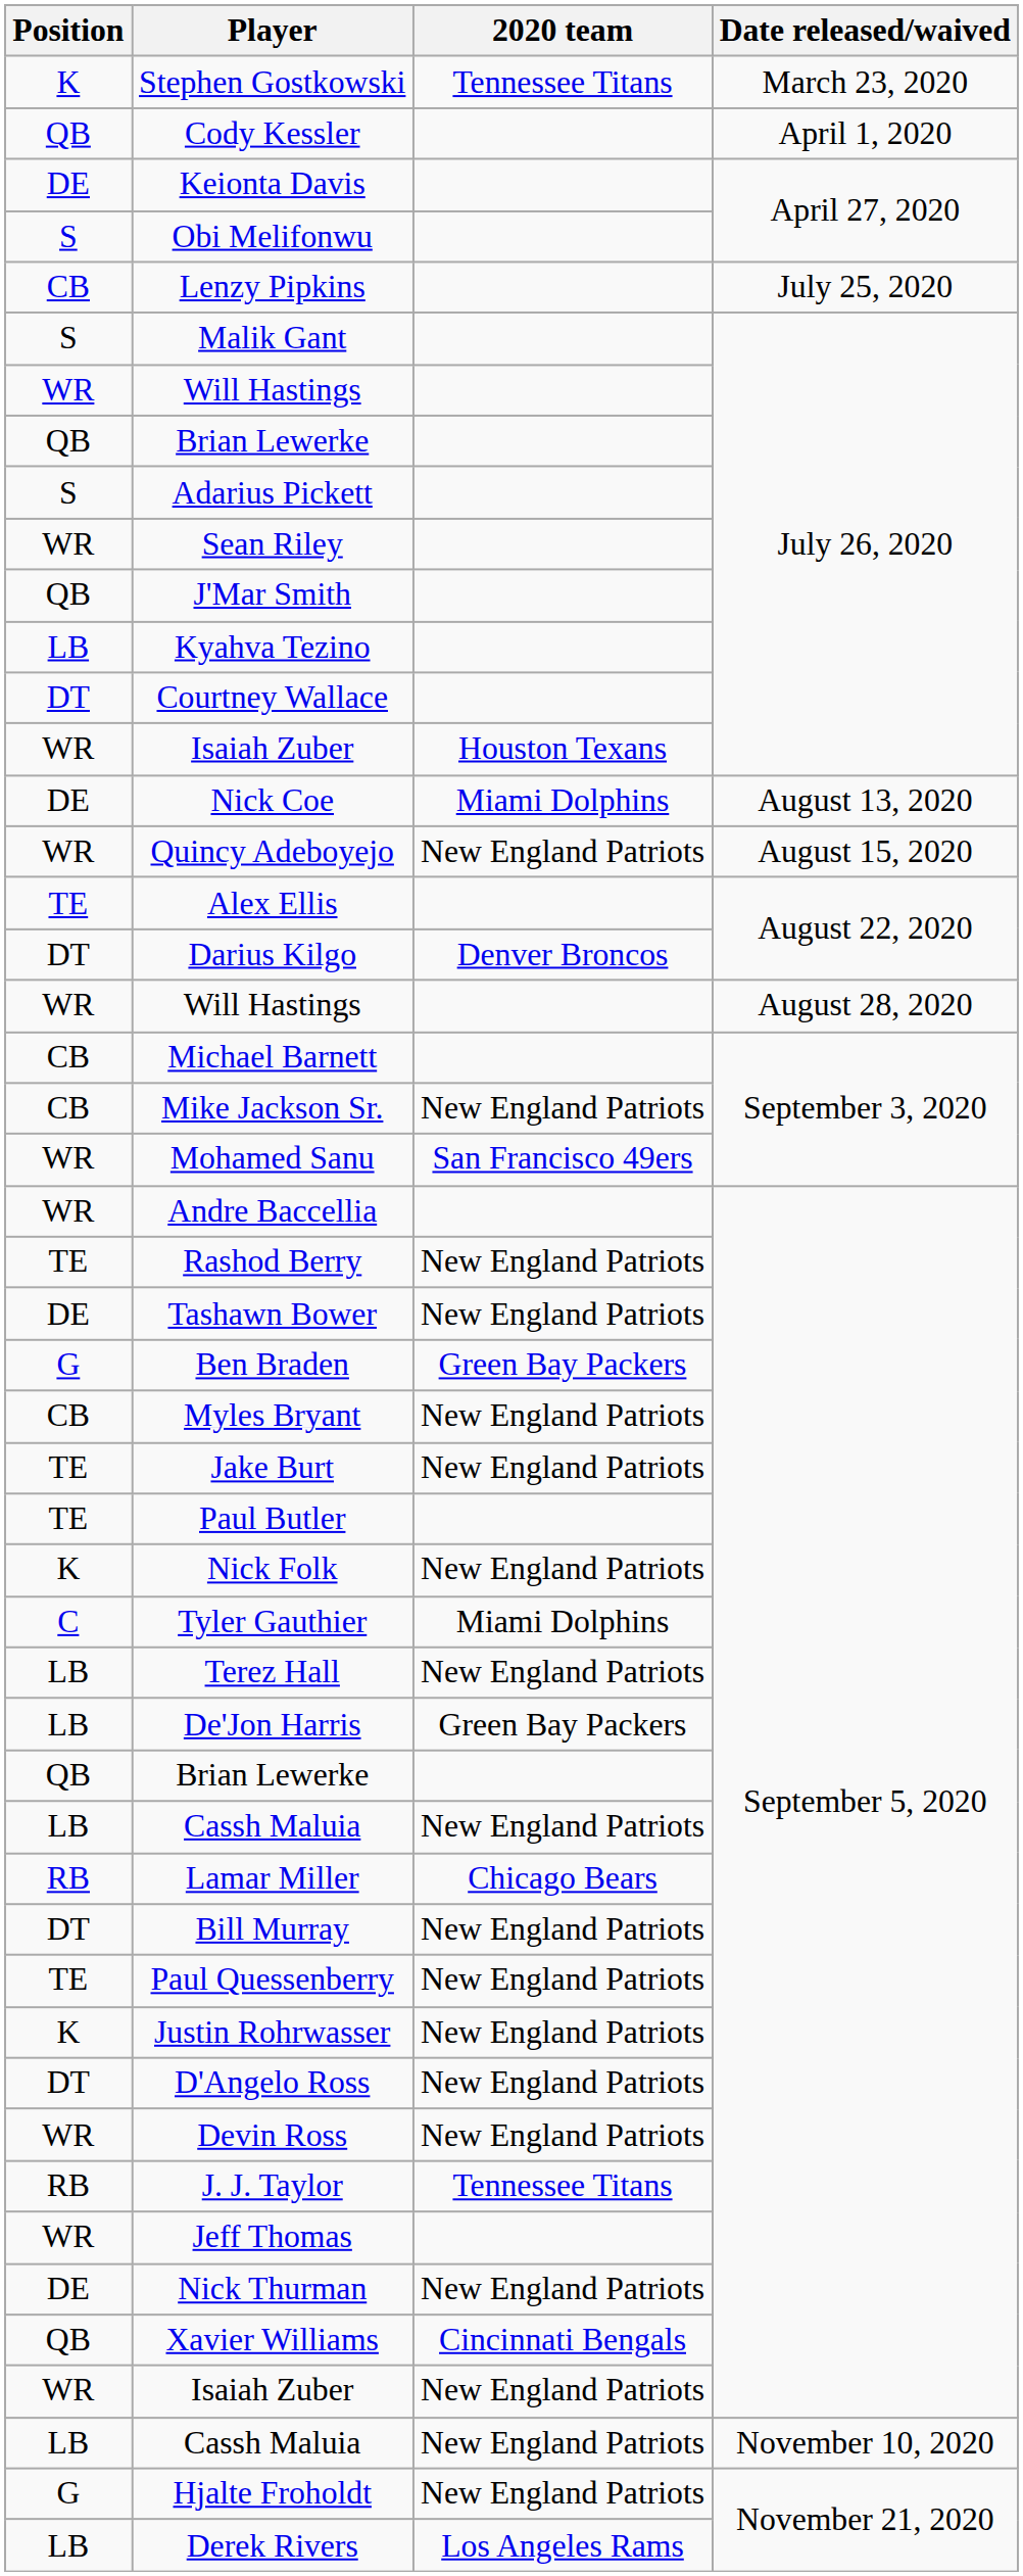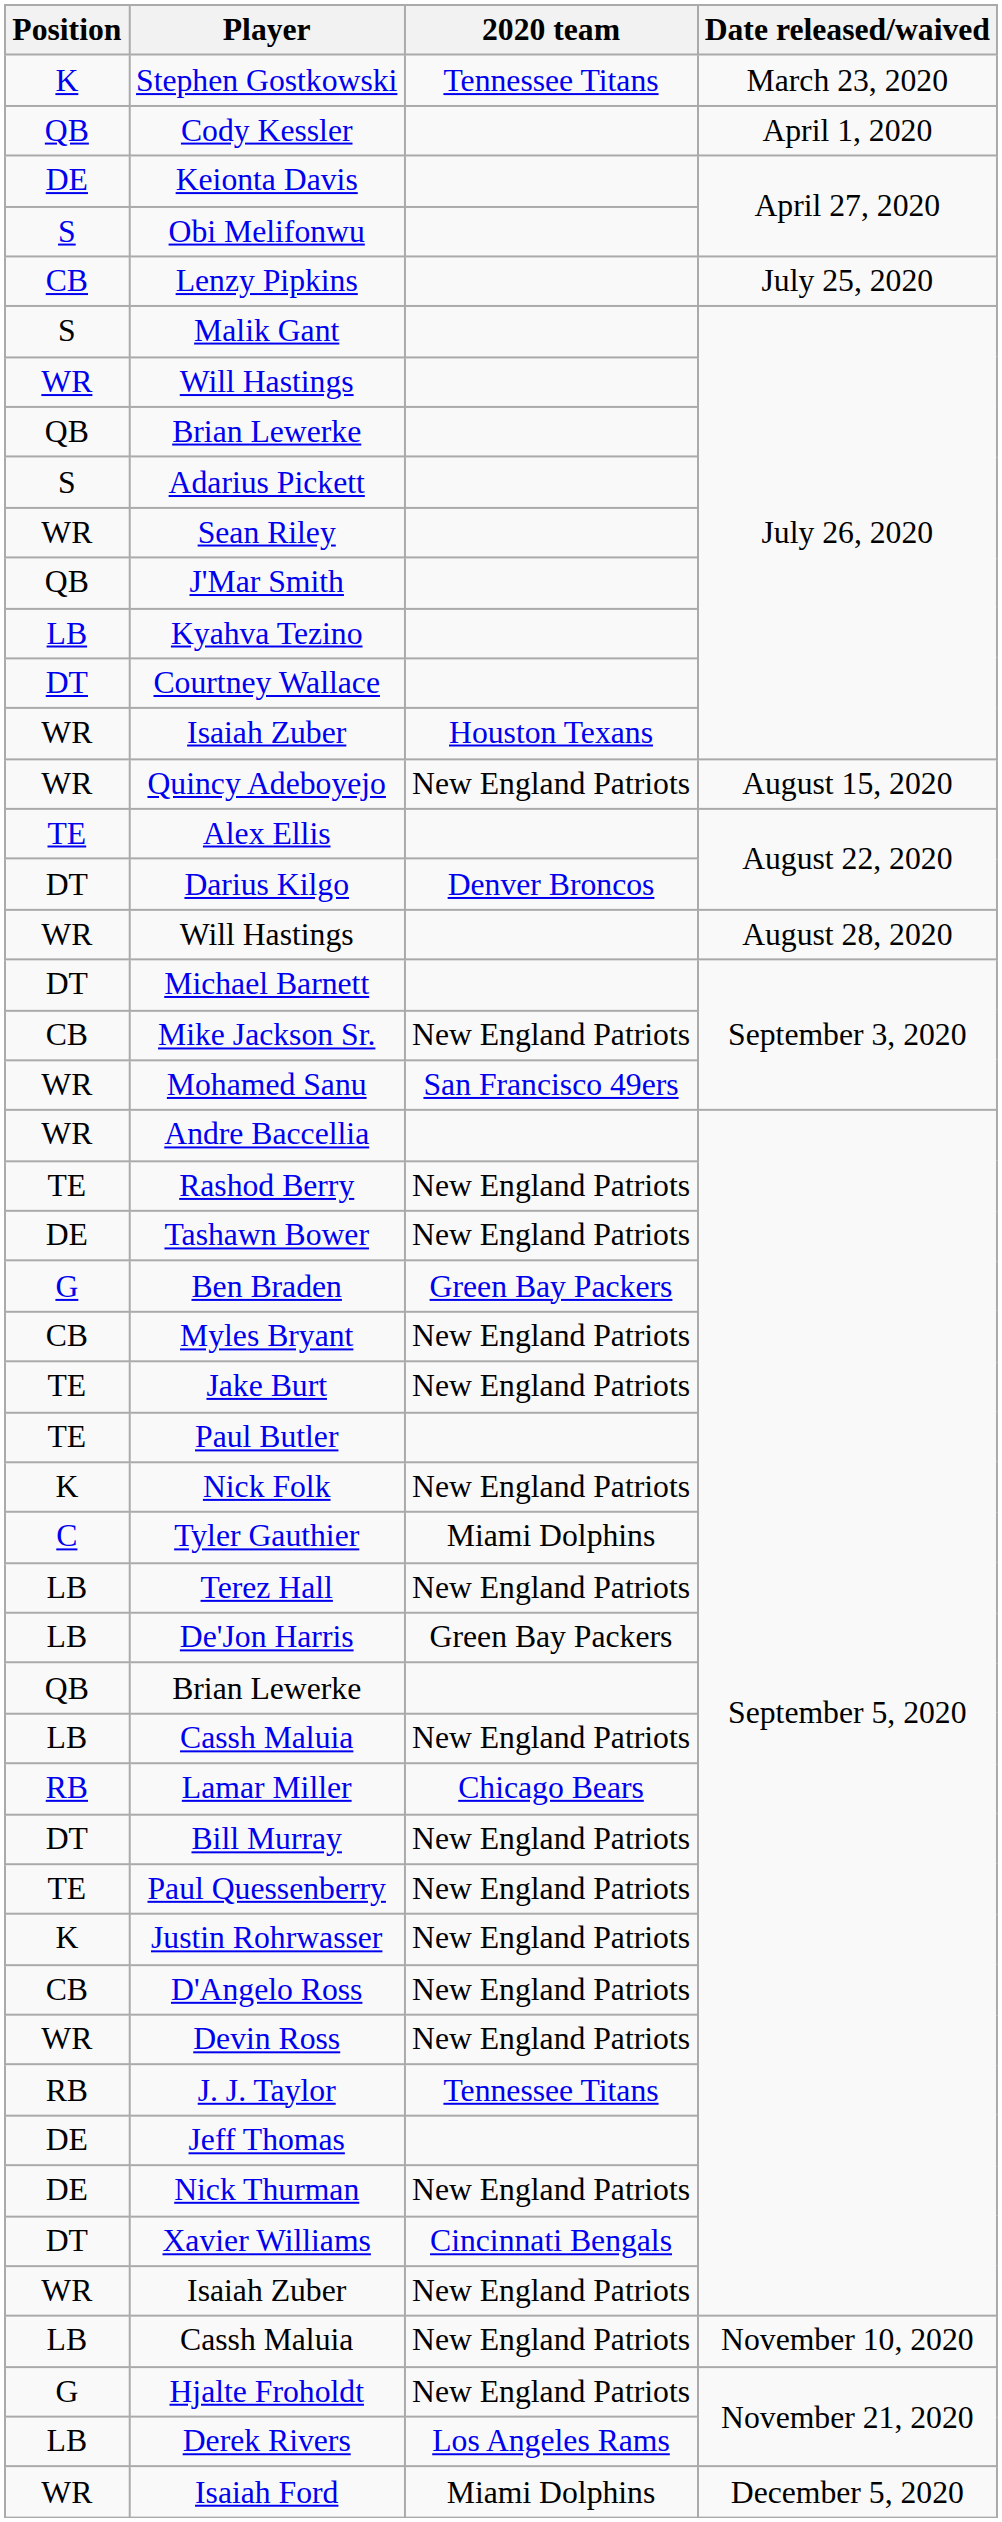 <table class="wikitable" style="text-align:center">
 <tr>
 <th>Position</th>
 <th>Player</th>
 <th>2020 team</th>
 <th>Date released/waived</th>
 </tr>
 <tr>
 <td><a href='#'>K</a></td>
 <td><a href='#'>Stephen Gostkowski</a></td>
 <td><a href='#'>Tennessee Titans</a></td>
 <td>March 23, 2020</td>
 </tr>
 <tr>
 <td><a href='#'>QB</a></td>
 <td><a href='#'>Cody Kessler</a></td>
 <td></td>
 <td>April 1, 2020</td>
 </tr>
 <tr>
 <td><a href='#'>DE</a></td>
 <td><a href='#'>Keionta Davis</a></td>
 <td></td>
 <td rowspan="2">April 27, 2020</td>
 </tr>
 <tr>
 <td><a href='#'>S</a></td>
 <td><a href='#'>Obi Melifonwu</a></td>
 <td></td>
 </tr>
 <tr>
 <td><a href='#'>CB</a></td>
 <td><a href='#'>Lenzy Pipkins</a></td>
 <td></td>
 <td>July 25, 2020</td>
 </tr>
 <tr>
 <td>S</td>
 <td><a href='#'>Malik Gant</a></td>
 <td></td>
 <td rowspan="9">July 26, 2020</td>
 </tr>
 <tr>
 <td><a href='#'>WR</a></td>
 <td><a href='#'>Will Hastings</a></td>
 <td></td>
 </tr>
 <tr>
 <td>QB</td>
 <td><a href='#'>Brian Lewerke</a></td>
 <td></td>
 </tr>
 <tr>
 <td>S</td>
 <td><a href='#'>Adarius Pickett</a></td>
 <td></td>
 </tr>
 <tr>
 <td>WR</td>
 <td><a href='#'>Sean Riley</a></td>
 <td></td>
 </tr>
 <tr>
 <td>QB</td>
 <td><a href='#'>J'Mar Smith</a></td>
 <td></td>
 </tr>
 <tr>
 <td><a href='#'>LB</a></td>
 <td><a href='#'>Kyahva Tezino</a></td>
 <td></td>
 </tr>
 <tr>
 <td><a href='#'>DT</a></td>
 <td><a href='#'>Courtney Wallace</a></td>
 <td></td>
 </tr>
 <tr>
 <td>WR</td>
 <td><a href='#'>Isaiah Zuber</a></td>
 <td><a href='#'>Houston Texans</a></td>
 </tr>
 <tr>
-<td>DE</td>
-<td><a href='#'>Nick Coe</a></td>
-<td><a href='#'>Miami Dolphins</a></td>
-<td>August 13, 2020</td>
-</tr>
-<tr>
 <td>WR</td>
 <td><a href='#'>Quincy Adeboyejo</a></td>
 <td>New England Patriots</td>
 <td>August 15, 2020</td>
 </tr>
 <tr>
 <td><a href='#'>TE</a></td>
 <td><a href='#'>Alex Ellis</a></td>
 <td></td>
 <td rowspan="2">August 22, 2020</td>
 </tr>
 <tr>
 <td>DT</td>
 <td><a href='#'>Darius Kilgo</a></td>
 <td><a href='#'>Denver Broncos</a></td>
 </tr>
 <tr>
 <td>WR</td>
 <td>Will Hastings</td>
 <td></td>
 <td>August 28, 2020</td>
 </tr>
 <tr>
-<td>CB</td>
+<td>DT</td>
 <td><a href='#'>Michael Barnett</a></td>
 <td></td>
 <td rowspan="3">September 3, 2020</td>
 </tr>
 <tr>
 <td>CB</td>
 <td><a href='#'>Mike Jackson Sr.</a></td>
 <td>New England Patriots</td>
 </tr>
 <tr>
 <td>WR</td>
 <td><a href='#'>Mohamed Sanu</a></td>
 <td><a href='#'>San Francisco 49ers</a></td>
 </tr>
 <tr>
 <td>WR</td>
 <td><a href='#'>Andre Baccellia</a></td>
 <td></td>
 <td rowspan="24">September 5, 2020</td>
 </tr>
 <tr>
 <td>TE</td>
 <td><a href='#'>Rashod Berry</a></td>
 <td>New England Patriots</td>
 </tr>
 <tr>
 <td>DE</td>
 <td><a href='#'>Tashawn Bower</a></td>
 <td>New England Patriots</td>
 </tr>
 <tr>
 <td><a href='#'>G</a></td>
 <td><a href='#'>Ben Braden</a></td>
 <td><a href='#'>Green Bay Packers</a></td>
 </tr>
 <tr>
 <td>CB</td>
 <td><a href='#'>Myles Bryant</a></td>
 <td>New England Patriots</td>
 </tr>
 <tr>
 <td>TE</td>
 <td><a href='#'>Jake Burt</a></td>
 <td>New England Patriots</td>
 </tr>
 <tr>
 <td>TE</td>
 <td><a href='#'>Paul Butler</a></td>
 <td></td>
 </tr>
 <tr>
 <td>K</td>
 <td><a href='#'>Nick Folk</a></td>
 <td>New England Patriots</td>
 </tr>
 <tr>
 <td><a href='#'>C</a></td>
 <td><a href='#'>Tyler Gauthier</a></td>
 <td>Miami Dolphins</td>
 </tr>
 <tr>
 <td>LB</td>
 <td><a href='#'>Terez Hall</a></td>
 <td>New England Patriots</td>
 </tr>
 <tr>
 <td>LB</td>
 <td><a href='#'>De'Jon Harris</a></td>
 <td>Green Bay Packers</td>
 </tr>
 <tr>
 <td>QB</td>
 <td>Brian Lewerke</td>
 <td></td>
 </tr>
 <tr>
 <td>LB</td>
 <td><a href='#'>Cassh Maluia</a></td>
 <td>New England Patriots</td>
 </tr>
 <tr>
 <td><a href='#'>RB</a></td>
 <td><a href='#'>Lamar Miller</a></td>
 <td><a href='#'>Chicago Bears</a></td>
 </tr>
 <tr>
 <td>DT</td>
 <td><a href='#'>Bill Murray</a></td>
 <td>New England Patriots</td>
 </tr>
 <tr>
 <td>TE</td>
 <td><a href='#'>Paul Quessenberry</a></td>
 <td>New England Patriots</td>
 </tr>
 <tr>
 <td>K</td>
 <td><a href='#'>Justin Rohrwasser</a></td>
 <td>New England Patriots</td>
 </tr>
 <tr>
-<td>DT</td>
+<td>CB</td>
 <td><a href='#'>D'Angelo Ross</a></td>
 <td>New England Patriots</td>
 </tr>
 <tr>
 <td>WR</td>
 <td><a href='#'>Devin Ross</a></td>
 <td>New England Patriots</td>
 </tr>
 <tr>
 <td>RB</td>
 <td><a href='#'>J. J. Taylor</a></td>
 <td><a href='#'>Tennessee Titans</a></td>
 </tr>
 <tr>
-<td>WR</td>
+<td>DE</td>
 <td><a href='#'>Jeff Thomas</a></td>
 <td></td>
 </tr>
 <tr>
 <td>DE</td>
 <td><a href='#'>Nick Thurman</a></td>
 <td>New England Patriots</td>
 </tr>
 <tr>
-<td>QB</td>
+<td>DT</td>
 <td><a href='#'>Xavier Williams</a></td>
 <td><a href='#'>Cincinnati Bengals</a></td>
 </tr>
 <tr>
 <td>WR</td>
 <td>Isaiah Zuber</td>
 <td>New England Patriots</td>
 </tr>
 <tr>
 <td>LB</td>
 <td>Cassh Maluia</td>
 <td>New England Patriots</td>
 <td>November 10, 2020</td>
 </tr>
 <tr>
 <td>G</td>
 <td><a href='#'>Hjalte Froholdt</a></td>
 <td>New England Patriots</td>
 <td rowspan="2">November 21, 2020</td>
 </tr>
 <tr>
 <td>LB</td>
 <td><a href='#'>Derek Rivers</a></td>
 <td><a href='#'>Los Angeles Rams</a></td>
 </tr>
+<tr>
+<td>WR</td>
+<td><a href='#'>Isaiah Ford</a></td>
+<td>Miami Dolphins</td>
+<td>December 5, 2020</td>
+</tr>
 </table>
